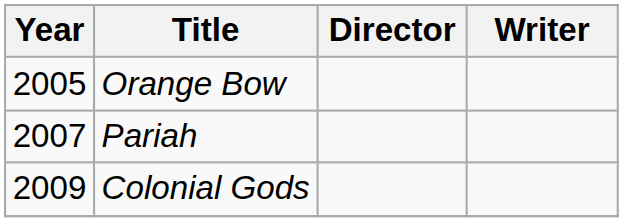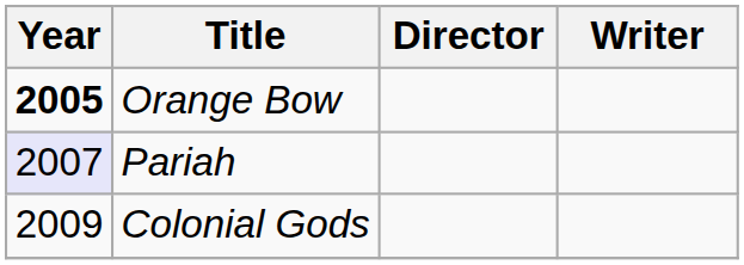 <table class="wikitable">
 <tr>
 <th>Year</th>
 <th>Title</th>
 <th width=65>Director</th>
 <th width=65>Writer</th>
 </tr>
 <tr>
-<td>2005</td>
+<td><strong>2005</strong></td>
 <td><em>Orange Bow</em></td>
 <td></td>
 <td></td>
 </tr>
 <tr>
-<td>2007</td>
+<td style="background: lavender;">2007</td>
 <td><em>Pariah</em></td>
 <td></td>
 <td></td>
 </tr>
 <tr>
 <td>2009</td>
 <td><em>Colonial Gods</em></td>
 <td></td>
 <td></td>
 </tr>
 <tr>
 </tr>
 </table>
